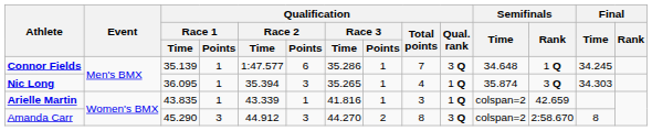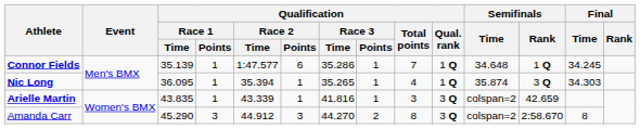 <table class="wikitable" style="font-size:90%">
 <tr>
 <th rowspan=3>Athlete</th>
 <th rowspan=3>Event</th>
 <th colspan=8>Qualification</th>
 <th colspan=2>Semifinals</th>
 <th colspan=2>Final</th>
 </tr>
 <tr>
 <th colspan=2>Race 1</th>
 <th colspan=2>Race 2</th>
 <th colspan=2>Race 3</th>
 <th rowspan=2>Total<br>points</th>
 <th rowspan=2>Qual.<br>rank</th>
 <th rowspan=2>Time</th>
 <th rowspan=2>Rank</th>
 <th rowspan=2>Time</th>
 <th rowspan=2>Rank</th>
 </tr>
 <tr>
 <th>Time</th>
 <th>Points</th>
 <th>Time</th>
 <th>Points</th>
 <th>Time</th>
 <th>Points</th>
 </tr>
 <tr align=center>
 <td align=left><strong><a href='#'>Connor Fields</a></strong></td>
 <td align=left rowspan=2><a href='#'>Men's BMX</a></td>
 <td>35.139</td>
 <td>1</td>
 <td>1:47.577</td>
 <td>6</td>
 <td>35.286</td>
 <td>1</td>
 <td>7</td>
-<td>3 <strong>Q</strong></td>
+<td>1 <strong>Q</strong></td>
 <td>34.648</td>
 <td>1 <strong>Q</strong></td>
 <td>34.245</td>
 <td></td>
 </tr>
 <tr align=center>
 <td align=left><strong><a href='#'>Nic Long</a></strong></td>
 <td>36.095</td>
 <td>1</td>
 <td>35.394</td>
-<td>3</td>
+<td>1</td>
 <td>35.265</td>
 <td>1</td>
 <td>4</td>
 <td>1 <strong>Q</strong></td>
 <td>35.874</td>
 <td>3 <strong>Q</strong></td>
 <td>34.303</td>
 <td></td>
 </tr>
 <tr align=center>
 <td align=left><strong><a href='#'>Arielle Martin</a></strong></td>
 <td align=left rowspan=2><a href='#'>Women's BMX</a></td>
 <td>43.835</td>
 <td>1</td>
 <td>43.339</td>
 <td>1</td>
 <td>41.816</td>
 <td>1</td>
 <td>3</td>
-<td>1 <strong>Q</strong></td>
+<td>3 <strong>Q</strong></td>
 <td>colspan=2 </td>
 <td>42.659</td>
 <td></td>
 </tr>
 <tr align=center>
 <td align=left><a href='#'>Amanda Carr</a></td>
 <td>45.290</td>
 <td>3</td>
 <td>44.912</td>
 <td>3</td>
 <td>44.270</td>
 <td>2</td>
 <td>8</td>
 <td>3 <strong>Q</strong></td>
 <td>colspan=2 </td>
 <td>2:58.670</td>
 <td>8</td>
 </tr>
 </table>
